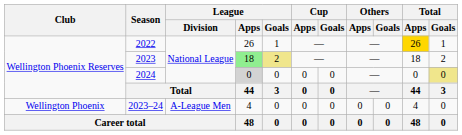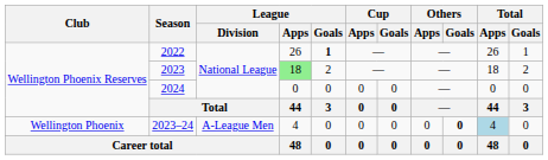 <table class="wikitable" style="text-align: center;">
 <tr>
 <th rowspan=2>Club</th>
 <th rowspan=2>Season</th>
 <th colspan=3>League</th>
 <th colspan=2>Cup</th>
 <th colspan=2>Others</th>
 <th colspan=2>Total</th>
 </tr>
 <tr>
 <th>Division</th>
 <th>Apps</th>
 <th>Goals</th>
 <th>Apps</th>
 <th>Goals</th>
 <th>Apps</th>
 <th>Goals</th>
 <th>Apps</th>
 <th>Goals</th>
 </tr>
 <tr>
 <td rowspan=4><a href='#'>Wellington Phoenix Reserves</a></td>
 <td><a href='#'>2022</a></td>
 <td rowspan=3><a href='#'>National League</a></td>
 <td>26</td>
-<td>1</td>
+<td><strong>1</strong></td>
 <td colspan=2>—</td>
 <td colspan=2>—</td>
-<td style="background: gold;">26</td>
+<td>26</td>
 <td>1</td>
 </tr>
 <tr>
 <td><a href='#'>2023</a></td>
 <td style="background: lightgreen;">18</td>
-<td style="background: khaki;">2</td>
+<td>2</td>
 <td colspan=2>—</td>
 <td colspan=2>—</td>
 <td>18</td>
 <td>2</td>
 </tr>
 <tr>
 <td><a href='#'>2024</a></td>
-<td style="background: lightgrey;">0</td>
+<td>0</td>
 <td>0</td>
 <td>0</td>
 <td>0</td>
 <td colspan=2>—</td>
 <td>0</td>
-<td style="background: khaki;">0</td>
+<td>0</td>
 </tr>
 <tr>
 <th colspan=2>Total</th>
 <th>44</th>
 <th>3</th>
 <th>0</th>
 <th>0</th>
 <th colspan=2>—</th>
 <th>44</th>
 <th>3</th>
 </tr>
 <tr>
 <td rowspan=1><a href='#'>Wellington Phoenix</a></td>
 <td><a href='#'>2023–24</a></td>
 <td><a href='#'>A-League Men</a></td>
 <td>4</td>
 <td>0</td>
 <td>0</td>
 <td>0</td>
 <td>0</td>
-<td>0</td>
-<td>4</td>
+<td><strong>0</strong></td>
+<td style="background: lightblue;">4</td>
 <td>0</td>
 </tr>
 <tr>
 <th colspan=3>Career total</th>
 <th>48</th>
 <th>0</th>
 <th>0</th>
 <th>0</th>
 <th>0</th>
 <th>0</th>
 <th>48</th>
 <th>0</th>
 </tr>
 </table>
